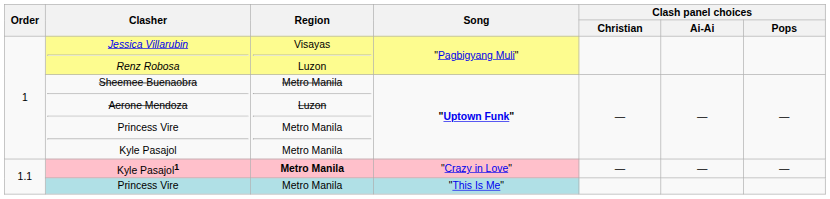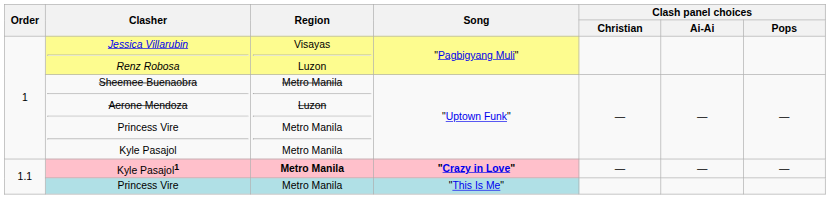 <table class="wikitable" style="text-align:center; line-height:17px; width:100%;">
 <tr>
 <th rowspan="2" width="5%">Order</th>
 <th rowspan="2" width="25%">Clasher</th>
 <th rowspan="2">Region</th>
 <th rowspan="2" width="25%">Song</th>
 <th colspan="3" width="30%">Clash panel choices</th>
 </tr>
 <tr>
 <th width="10%">Christian</th>
 <th width="10%">Ai-Ai</th>
 <th width="10%">Pops</th>
 </tr>
 <tr>
 <td rowspan="2">1</td>
 <td style="background:#fdfc8f;"><em><a href='#'>Jessica Villarubin</a></em><hr><em>Renz Robosa</em></td>
 <td style="background:#fdfc8f;">Visayas<hr>Luzon</td>
 <td style="background:#fdfc8f;">"<a href='#'>Pagbigyang Muli</a>"</td>
 <td><strong></strong></td>
 <td><strong></strong></td>
 <td><strong></strong></td>
 </tr>
 <tr>
 <td><s>Sheemee Buenaobra</s><hr><s>Aerone Mendoza</s><hr>Princess Vire<hr>Kyle Pasajol</td>
 <td><s>Metro Manila</s><hr> <s>Luzon</s><hr>Metro Manila<hr>Metro Manila</td>
-<td><strong>"<a href='#'>Uptown Funk</a>"</strong></td>
+<td>"<a href='#'>Uptown Funk</a>"</td>
 <td>—</td>
 <td>—</td>
 <td>—</td>
 </tr>
 <tr>
 <td rowspan="2">1.1</td>
 <td style="background:pink;">Kyle Pasajol<sup><strong>1</strong></sup></td>
 <td style="background:pink;"><strong>Metro Manila</strong></td>
-<td style="background:pink;">"<a href='#'>Crazy in Love</a>"</td>
+<td style="background:pink;"><strong>"<a href='#'>Crazy in Love</a>"</strong></td>
 <td>—</td>
 <td>—</td>
 <td>—</td>
 </tr>
 <tr>
 <td style="background:#b0e0e6;">Princess Vire</td>
 <td style="background:#b0e0e6;">Metro Manila</td>
 <td style="background:#b0e0e6;">"<a href='#'>This Is Me</a>"</td>
 <td><strong></strong></td>
 <td><strong></strong></td>
 <td><strong></strong></td>
 </tr>
 </table>
